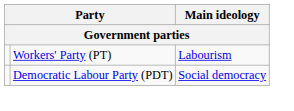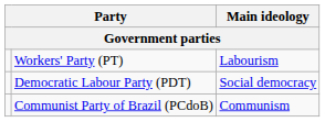 <table class="wikitable" style="font-size:95%">
 <tr>
 <th colspan=2>Party</th>
 <th>Main ideology</th>
 </tr>
 <tr>
 <th colspan=3>Government parties</th>
 </tr>
 <tr>
 <td style="color:inherit;background:"></td>
 <td><a href='#'>Workers' Party</a> (PT)</td>
 <td><a href='#'>Labourism</a></td>
 </tr>
 <tr>
 <td style="color:inherit;background:"></td>
 <td><a href='#'>Democratic Labour Party</a> (PDT)</td>
 <td><a href='#'>Social democracy</a></td>
 </tr>
+<tr>
+<td style="color:inherit;background:"></td>
+<td><a href='#'>Communist Party of Brazil</a> (PCdoB)</td>
+<td><a href='#'>Communism</a></td>
+</tr>
 </table>
